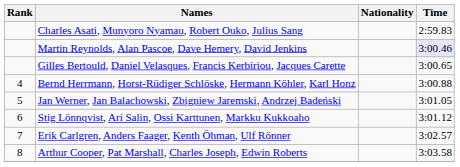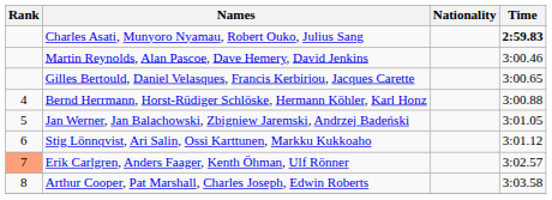 <table class="wikitable sortable" style="text-align:center">
 <tr>
 <th>Rank</th>
 <th>Names</th>
 <th>Nationality</th>
 <th>Time</th>
 </tr>
 <tr>
 <td></td>
 <td align=left><a href='#'>Charles Asati</a>, <a href='#'>Munyoro Nyamau</a>, <a href='#'>Robert Ouko</a>, <a href='#'>Julius Sang</a></td>
 <td align=left></td>
-<td>2:59.83</td>
+<td><strong>2:59.83</strong></td>
 </tr>
 <tr>
 <td></td>
 <td align=left><a href='#'>Martin Reynolds</a>, <a href='#'>Alan Pascoe</a>, <a href='#'>Dave Hemery</a>, <a href='#'>David Jenkins</a></td>
 <td align=left></td>
-<td style="background: lavender;">3:00.46</td>
+<td>3:00.46</td>
 </tr>
 <tr>
 <td></td>
 <td align=left><a href='#'>Gilles Bertould</a>, <a href='#'>Daniel Velasques</a>, <a href='#'>Francis Kerbiriou</a>, <a href='#'>Jacques Carette</a></td>
 <td align=left></td>
 <td>3:00.65</td>
 </tr>
 <tr>
 <td>4</td>
 <td align=left><a href='#'>Bernd Herrmann</a>, <a href='#'>Horst-Rüdiger Schlöske</a>, <a href='#'>Hermann Köhler</a>, <a href='#'>Karl Honz</a></td>
 <td align=left></td>
 <td>3:00.88</td>
 </tr>
 <tr>
 <td>5</td>
 <td align=left><a href='#'>Jan Werner</a>, <a href='#'>Jan Balachowski</a>, <a href='#'>Zbigniew Jaremski</a>, <a href='#'>Andrzej Badeński</a></td>
 <td align=left></td>
 <td>3:01.05</td>
 </tr>
 <tr>
 <td>6</td>
 <td align=left><a href='#'>Stig Lönnqvist</a>, <a href='#'>Ari Salin</a>, <a href='#'>Ossi Karttunen</a>, <a href='#'>Markku Kukkoaho</a></td>
 <td align=left></td>
 <td>3:01.12</td>
 </tr>
 <tr>
-<td>7</td>
+<td style="background: lightsalmon;">7</td>
 <td align=left><a href='#'>Erik Carlgren</a>, <a href='#'>Anders Faager</a>, <a href='#'>Kenth Öhman</a>, <a href='#'>Ulf Rönner</a></td>
 <td align=left></td>
 <td>3:02.57</td>
 </tr>
 <tr>
 <td>8</td>
 <td align=left><a href='#'>Arthur Cooper</a>, <a href='#'>Pat Marshall</a>, <a href='#'>Charles Joseph</a>, <a href='#'>Edwin Roberts</a></td>
 <td align=left></td>
 <td>3:03.58</td>
 </tr>
 <tr>
 </tr>
 </table>
